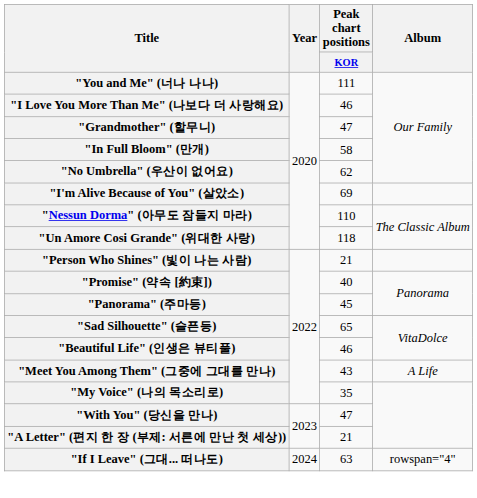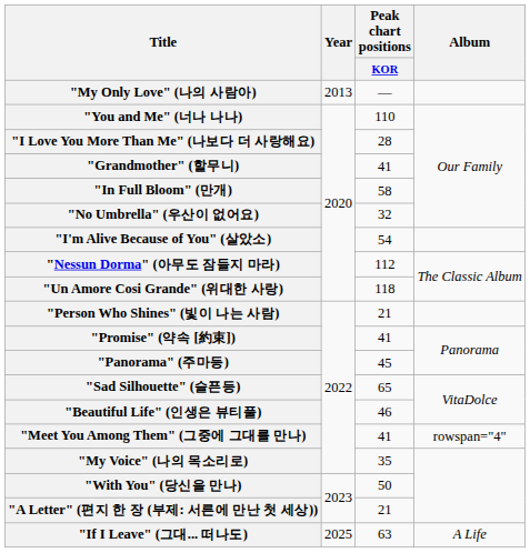 <table class="wikitable plainrowheaders" style="text-align:center;">
 <tr>
 <th scope="col" rowspan="2">Title</th>
 <th scope="col" rowspan="2">Year</th>
 <th scope="col">Peak chart positions</th>
 <th scope="col" rowspan="2">Album</th>
 </tr>
 <tr>
 <th style="width:3em;"><small><a href='#'>KOR</a></small><br></th>
 </tr>
 <tr>
+<th scope="row">"My Only Love" (나의 사람아)</th>
+<td>2013</td>
+<td>—</td>
+<td></td>
+</tr>
+<tr>
 <th scope="row">"You and Me" (너나 나나)</th>
 <td rowspan="8">2020</td>
-<td>111</td>
+<td>110</td>
 <td rowspan="5"><em>Our Family</em></td>
 </tr>
 <tr>
 <th scope="row">"I Love You More Than Me" (나보다 더 사랑해요)</th>
-<td>46</td>
+<td>28</td>
 </tr>
 <tr>
 <th scope="row">"Grandmother" (할무니)</th>
-<td>47</td>
+<td>41</td>
 </tr>
 <tr>
 <th scope="row">"In Full Bloom" (만개)</th>
 <td>58</td>
 </tr>
 <tr>
 <th scope="row">"No Umbrella" (우산이 없어요)</th>
-<td>62</td>
+<td>32</td>
 </tr>
 <tr>
 <th scope="row">"I'm Alive Because of You" (살았소)</th>
-<td>69</td>
+<td>54</td>
 <td></td>
 </tr>
 <tr>
 <th scope="row">"<a href='#'>Nessun Dorma</a>" (아무도 잠들지 마라)</th>
-<td>110</td>
+<td>112</td>
 <td rowspan="2"><em>The Classic Album</em></td>
 </tr>
 <tr>
 <th scope="row">"Un Amore Cosi Grande" (위대한 사랑)</th>
 <td>118</td>
 </tr>
 <tr>
 <th scope="row">"Person Who Shines" (빛이 나는 사람)</th>
 <td rowspan="7">2022</td>
 <td>21</td>
 <td></td>
 </tr>
 <tr>
 <th scope="row">"Promise" (약속 [約束])</th>
-<td>40</td>
+<td>41</td>
 <td rowspan="2"><em>Panorama</em></td>
 </tr>
 <tr>
 <th scope="row">"Panorama" (주마등)</th>
 <td>45</td>
 </tr>
 <tr>
 <th scope="row">"Sad Silhouette" (슬픈등)</th>
 <td>65</td>
 <td rowspan="2"><em>VitaDolce</em></td>
 </tr>
 <tr>
 <th scope="row">"Beautiful Life" (인생은 뷰티풀)</th>
 <td>46</td>
 </tr>
 <tr>
 <th scope="row">"Meet You Among Them" (그중에 그대를 만나)</th>
-<td>43</td>
-<td><em>A Life</em></td>
+<td>41</td>
+<td>rowspan="4" </td>
 </tr>
 <tr>
 <th scope="row">"My Voice" (나의 목소리로)</th>
 <td>35</td>
 </tr>
 <tr>
 <th scope="row">"With You" (당신을 만나)<br></th>
 <td rowspan="2">2023</td>
-<td>47</td>
+<td>50</td>
 </tr>
 <tr>
 <th scope="row">"A Letter" (편지 한 장 (부제: 서른에 만난 첫 세상))</th>
 <td>21</td>
 </tr>
 <tr>
 <th scope="row">"If I Leave" (그대... 떠나도)</th>
-<td>2024</td>
+<td>2025</td>
 <td>63</td>
-<td>rowspan="4" </td>
+<td><em>A Life</em></td>
 </tr>
 </table>
